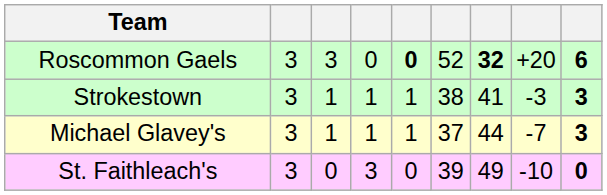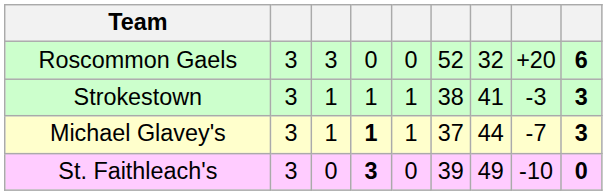 <table class="wikitable" style="text-align:center">
 <tr>
 <th style="width:175px;">Team</th>
 <th width="20"></th>
 <th width="20"></th>
 <th width="20"></th>
 <th width="20"></th>
 <th width="20"></th>
 <th width="20"></th>
 <th width="20"></th>
 <th width="20"></th>
 </tr>
 <tr style="background:#cfc;">
 <td>Roscommon Gaels</td>
 <td>3</td>
 <td>3</td>
 <td>0</td>
-<td><strong>0</strong></td>
+<td>0</td>
 <td>52</td>
-<td><strong>32</strong></td>
+<td>32</td>
 <td>+20</td>
 <td><strong>6</strong></td>
 </tr>
 <tr style="background:#cfc;">
 <td>Strokestown</td>
 <td>3</td>
 <td>1</td>
 <td>1</td>
 <td>1</td>
 <td>38</td>
 <td>41</td>
 <td>-3</td>
 <td><strong>3</strong></td>
 </tr>
 <tr style="background:#ffffcc;">
 <td>Michael Glavey's</td>
 <td>3</td>
 <td>1</td>
-<td>1</td>
+<td><strong>1</strong></td>
 <td>1</td>
 <td>37</td>
 <td>44</td>
 <td>-7</td>
 <td><strong>3</strong></td>
 </tr>
 <tr style="background:#fcf;">
 <td>St. Faithleach's</td>
 <td>3</td>
 <td>0</td>
-<td>3</td>
+<td><strong>3</strong></td>
 <td>0</td>
 <td>39</td>
 <td>49</td>
 <td>-10</td>
 <td><strong>0</strong></td>
 </tr>
 </table>
